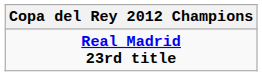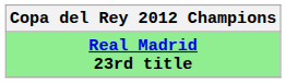 <table class=wikitable style="text-align:center; margin:auto">
 <tr>
 <th>Copa del Rey 2012 Champions</th>
 </tr>
 <tr>
-<td><strong><a href='#'>Real Madrid</a></strong> <br> <strong>23rd title</strong></td>
+<td style="background: lightgreen;"><strong><a href='#'>Real Madrid</a></strong> <br> <strong>23rd title</strong></td>
 </tr>
 </table>
